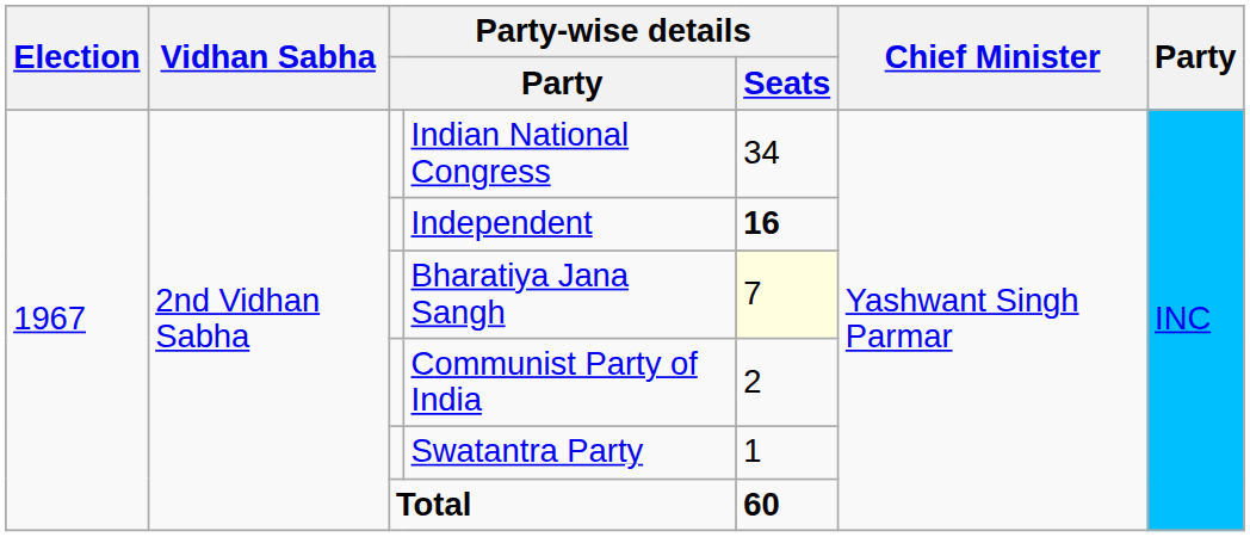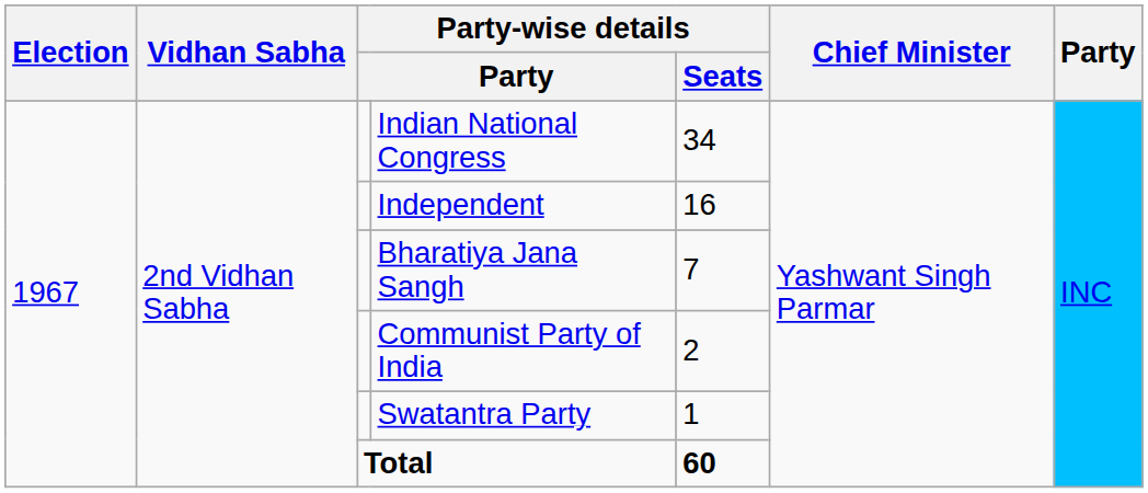 <table class="wikitable sortable">
 <tr>
 <th rowspan="2"><a href='#'>Election</a></th>
 <th rowspan="2"><a href='#'>Vidhan Sabha</a></th>
 <th colspan="3">Party-wise details</th>
 <th rowspan="2"><a href='#'>Chief Minister</a></th>
 <th rowspan="2">Party</th>
 </tr>
 <tr>
 <th colspan="2">Party</th>
 <th><a href='#'>Seats</a></th>
 </tr>
 <tr>
 <td rowspan="6"><a href='#'>1967</a></td>
 <td rowspan="6"><a href='#'>2nd Vidhan Sabha</a></td>
 <td style="background-color: "></td>
 <td><a href='#'>Indian National Congress</a></td>
 <td>34</td>
 <td rowspan="6"><a href='#'>Yashwant Singh Parmar</a></td>
 <td rowspan="6" bgcolor="#00BFFF"><a href='#'>INC</a></td>
 </tr>
 <tr>
 <td style="background-color: "></td>
 <td><a href='#'>Independent</a></td>
-<td><strong>16</strong></td>
+<td>16</td>
 </tr>
 <tr>
 <td style="background-color: "></td>
 <td><a href='#'>Bharatiya Jana Sangh</a></td>
-<td style="background: lightyellow;">7</td>
+<td>7</td>
 </tr>
 <tr>
 <td style="background-color: "></td>
 <td><a href='#'>Communist Party of India</a></td>
 <td>2</td>
 </tr>
 <tr>
 <td style="background-color: "></td>
 <td><a href='#'>Swatantra Party</a></td>
 <td>1</td>
 </tr>
 <tr>
 <td colspan="2"><strong>Total</strong></td>
 <td><strong>60</strong></td>
 </tr>
 </table>
